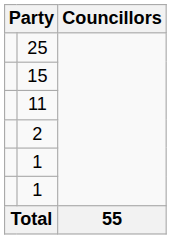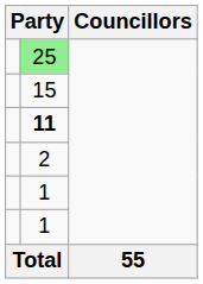 <table class="wikitable">
 <tr>
 <th colspan="2">Party</th>
 <th>Councillors</th>
 </tr>
 <tr>
 <td></td>
-<td align=center>25</td>
+<td align=center style="background: lightgreen;">25</td>
 </tr>
 <tr>
 <td></td>
 <td align=center>15</td>
 </tr>
 <tr>
 <td></td>
-<td align=center>11</td>
+<td align=center><strong>11</strong></td>
 </tr>
 <tr>
 <td></td>
 <td align=center>2</td>
 </tr>
 <tr>
 <td></td>
 <td align=center>1</td>
 </tr>
 <tr>
 <td></td>
 <td align=center>1</td>
 </tr>
 <tr>
 <th colspan=2>Total</th>
 <th>55</th>
 </tr>
 </table>
